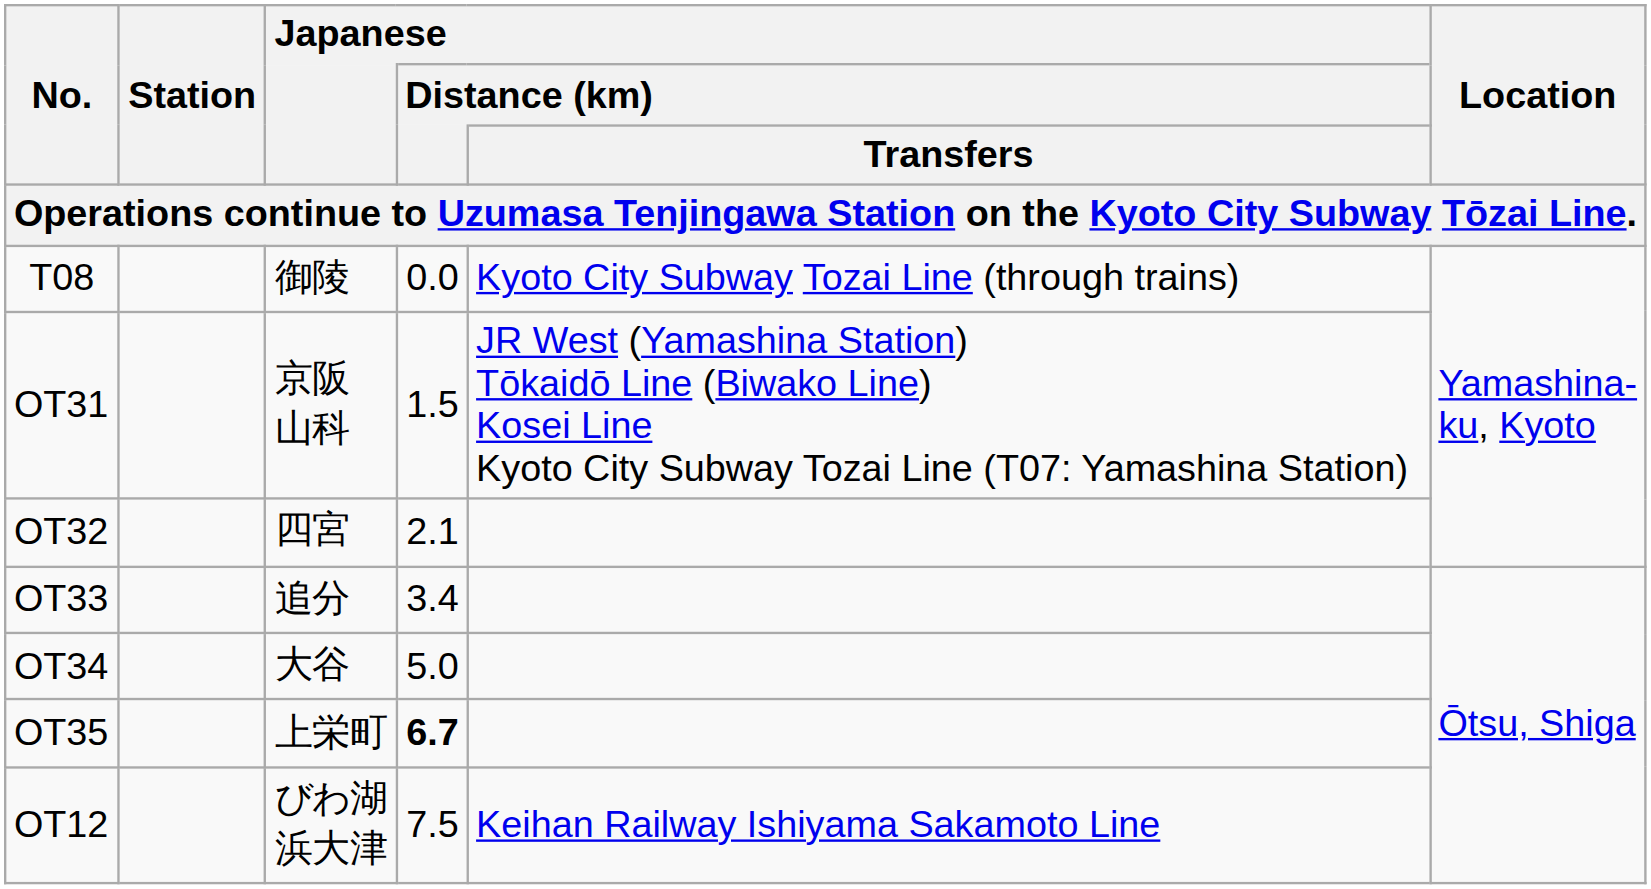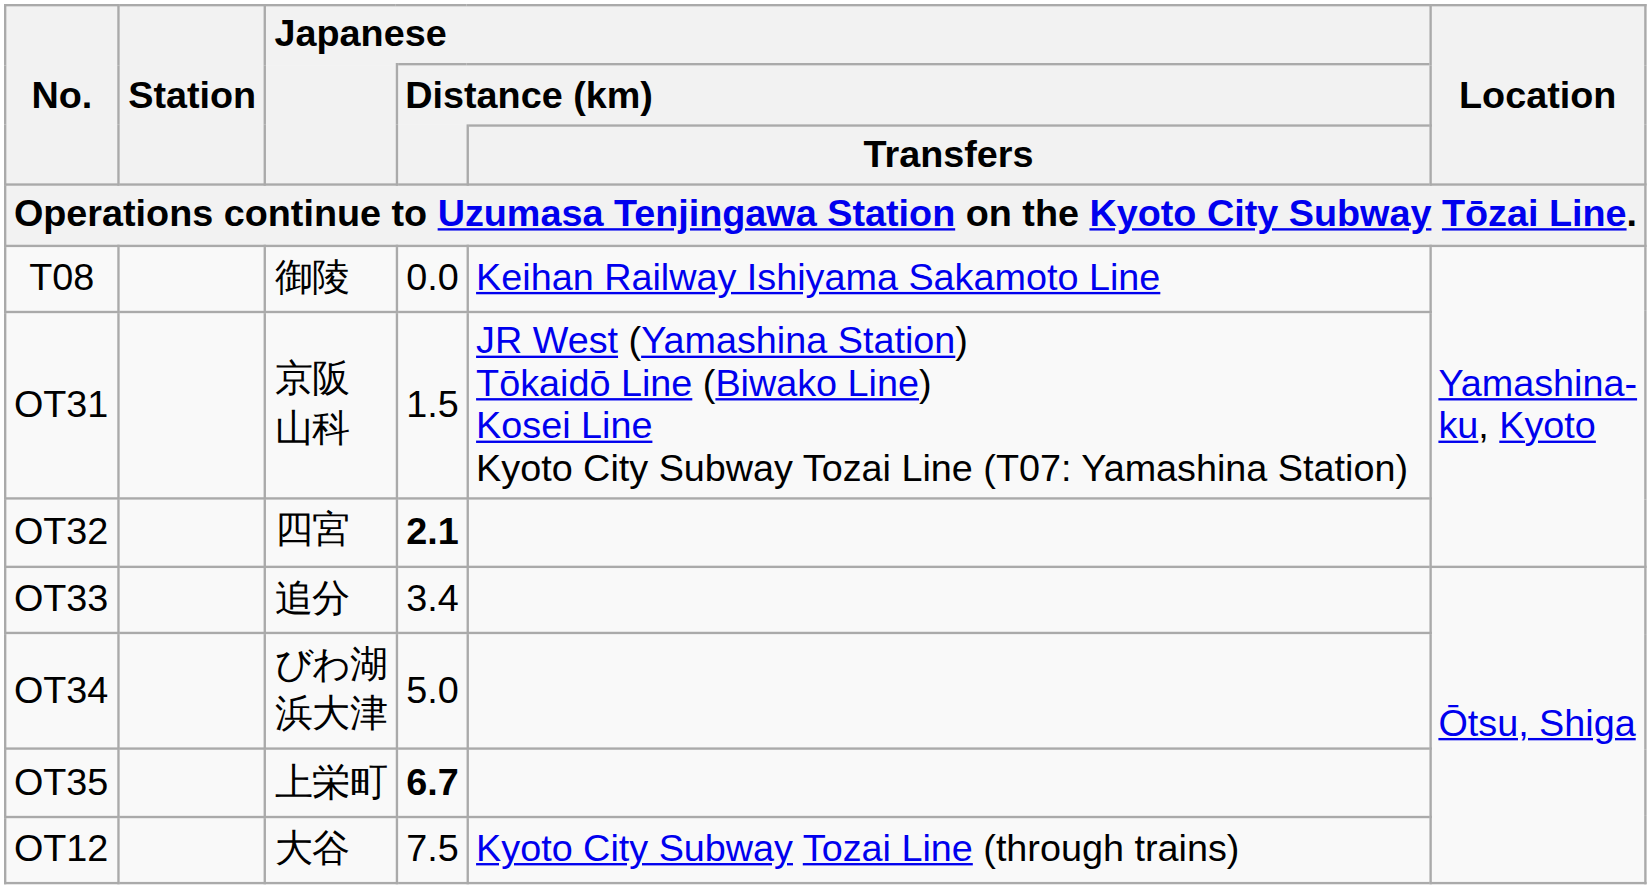 <table class=wikitable>
 <tr>
 <th rowspan="3">No.</th>
 <th rowspan="3">Station</th>
 <th colspan="3" style="text-align:left;border-bottom:none;">Japanese</th>
 <th rowspan="3" style="width:5em;">Location</th>
 </tr>
 <tr>
 <th rowspan="2" style="border-top:none;"></th>
 <th colspan="2" style="text-align:left;border-bottom:none;">Distance (km)</th>
 </tr>
 <tr>
 <th style="border-top:none;"></th>
 <th>Transfers</th>
 </tr>
 <tr>
 <th colspan=6>Operations continue to <a href='#'>Uzumasa Tenjingawa Station</a> on the <a href='#'>Kyoto City Subway</a> <a href='#'>Tōzai Line</a>.</th>
 </tr>
 <tr>
 <td style="text-align:center;">T08</td>
 <td></td>
 <td>御陵</td>
 <td style="text-align:right;">0.0</td>
-<td> <a href='#'>Kyoto City Subway</a> <a href='#'>Tozai Line</a> (through trains)</td>
+<td><a href='#'>Keihan Railway Ishiyama Sakamoto Line</a></td>
 <td rowspan=3><a href='#'>Yamashina-ku</a>, <a href='#'>Kyoto</a></td>
 </tr>
 <tr>
 <td>OT31</td>
 <td></td>
 <td>京阪<br>山科</td>
 <td style="text-align:right;">1.5</td>
 <td><a href='#'>JR West</a> (<a href='#'>Yamashina Station</a>)<br>  <a href='#'>Tōkaidō Line</a> (<a href='#'>Biwako Line</a>) <br>  <a href='#'>Kosei Line</a> <br> Kyoto City Subway Tozai Line (T07: Yamashina Station)</td>
 </tr>
 <tr>
 <td>OT32</td>
 <td></td>
 <td>四宮</td>
-<td style="text-align:right;">2.1</td>
+<td style="text-align:right;"><strong>2.1</strong></td>
 <td></td>
 </tr>
 <tr>
 <td>OT33</td>
 <td></td>
 <td>追分</td>
 <td style="text-align:right;">3.4</td>
 <td></td>
 <td rowspan=4><a href='#'>Ōtsu, Shiga</a></td>
 </tr>
 <tr>
 <td>OT34</td>
 <td></td>
-<td>大谷</td>
+<td style="width:3em;">びわ湖浜大津</td>
 <td style="text-align:right;">5.0</td>
 <td></td>
 </tr>
 <tr>
 <td>OT35</td>
 <td></td>
 <td>上栄町</td>
 <td style="text-align:right;"><strong>6.7</strong></td>
 <td></td>
 </tr>
 <tr>
 <td>OT12</td>
 <td></td>
-<td style="width:3em;">びわ湖浜大津</td>
+<td>大谷</td>
 <td style="text-align:right;">7.5</td>
-<td><a href='#'>Keihan Railway Ishiyama Sakamoto Line</a></td>
+<td> <a href='#'>Kyoto City Subway</a> <a href='#'>Tozai Line</a> (through trains)</td>
 </tr>
 </table>
